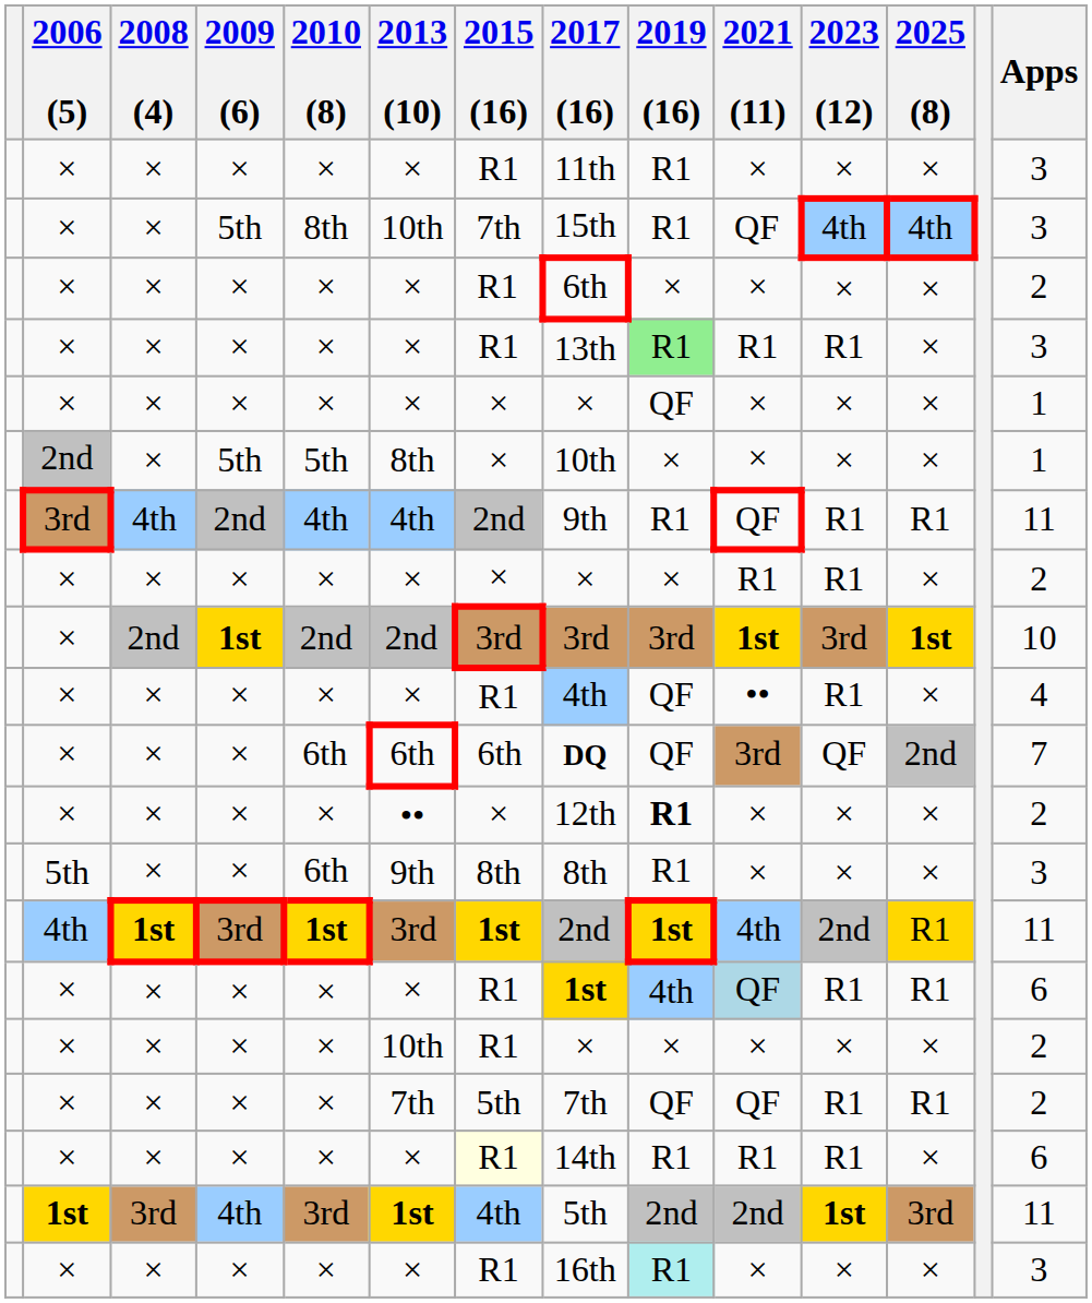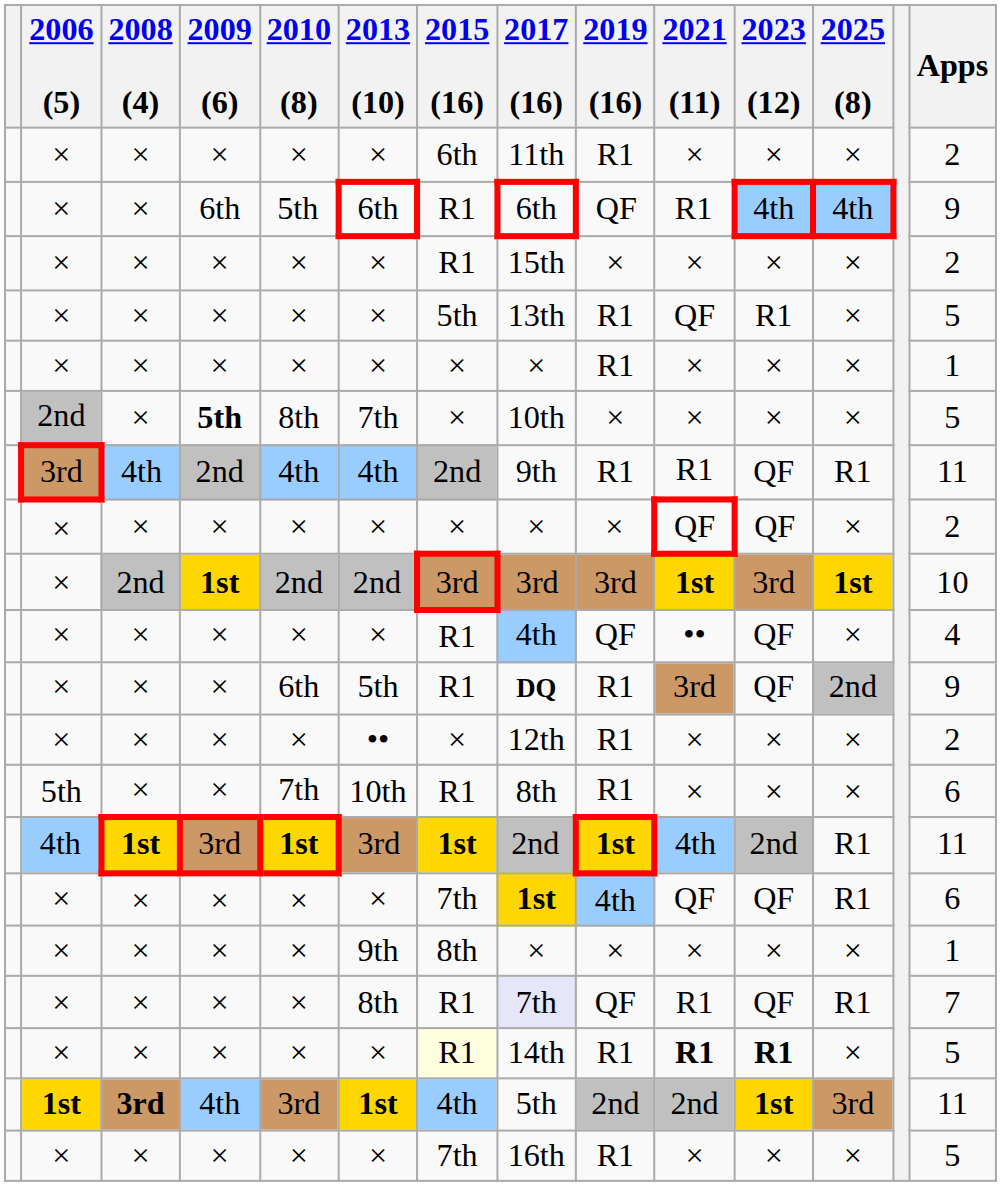 <table class="wikitable" style="text-align: center">
 <tr valign=center>
 <th></th>
 <th><a href='#'>2006</a><br> <br> (5)</th>
 <th><a href='#'>2008</a><br> <br> (4)</th>
 <th><a href='#'>2009</a><br> <br> (6)</th>
 <th><a href='#'>2010</a><br> <br> (8)</th>
 <th><a href='#'>2013</a><br> <br> (10)</th>
 <th><a href='#'>2015</a><br> <br> (16)</th>
 <th><a href='#'>2017</a><br> <br> (16)</th>
 <th><a href='#'>2019</a><br> <br> (16)</th>
 <th><a href='#'>2021</a><br> <br> (11)</th>
 <th><a href='#'>2023</a><br> <br> (12)</th>
 <th><a href='#'>2025</a><br> <br> (8)</th>
 <th rowspan=21></th>
 <th>Apps<br><big></big></th>
 </tr>
 <tr>
 <td align=left></td>
 <td>×</td>
 <td>×</td>
 <td>×</td>
 <td>×</td>
 <td>×</td>
-<td>R1</td>
+<td>6th</td>
 <td>11th</td>
 <td>R1</td>
 <td>×</td>
 <td>×</td>
 <td>×</td>
-<td>3</td>
+<td>2</td>
 </tr>
 <tr>
 <td align=left></td>
 <td>×</td>
 <td>×</td>
+<td>6th</td>
 <td>5th</td>
-<td>8th</td>
-<td>10th</td>
-<td>7th</td>
-<td>15th</td>
+<td style="border:3px solid red">6th</td>
 <td>R1</td>
+<td style="border:3px solid red">6th</td>
 <td>QF</td>
+<td>R1</td>
 <td style="border:3px solid red" bgcolor=#9acdff>4th</td>
 <td style="border:3px solid red" bgcolor=#9acdff>4th</td>
-<td>3</td>
+<td>9</td>
 </tr>
 <tr>
 <td align=left></td>
 <td>×</td>
 <td>×</td>
 <td>×</td>
 <td>×</td>
 <td>×</td>
 <td>R1</td>
-<td style="border:3px solid red">6th</td>
+<td>15th</td>
 <td>×</td>
 <td>×</td>
 <td>×</td>
 <td>×</td>
 <td>2</td>
 </tr>
 <tr>
 <td align=left></td>
 <td>×</td>
 <td>×</td>
 <td>×</td>
 <td>×</td>
 <td>×</td>
+<td>5th</td>
+<td>13th</td>
 <td>R1</td>
-<td>13th</td>
-<td style="background: lightgreen;">R1</td>
-<td>R1</td>
+<td>QF</td>
 <td>R1</td>
 <td>×</td>
-<td>3</td>
+<td>5</td>
 </tr>
 <tr>
 <td align=left></td>
 <td>×</td>
 <td>×</td>
 <td>×</td>
 <td>×</td>
 <td>×</td>
 <td>×</td>
 <td>×</td>
-<td>QF</td>
+<td>R1</td>
 <td>×</td>
 <td>×</td>
 <td>×</td>
 <td>1</td>
 </tr>
 <tr>
 <td align=left></td>
 <td bgcolor=silver>2nd</td>
 <td>×</td>
-<td>5th</td>
-<td>5th</td>
+<td><strong>5th</strong></td>
 <td>8th</td>
+<td>7th</td>
 <td>×</td>
 <td>10th</td>
 <td>×</td>
 <td>×</td>
 <td>×</td>
 <td>×</td>
-<td>1</td>
+<td>5</td>
 </tr>
 <tr>
 <td align=left></td>
 <td bgcolor=#cc9966 style="border:3px solid red">3rd</td>
 <td bgcolor=#9acdff>4th</td>
 <td bgcolor=silver>2nd</td>
 <td bgcolor=#9acdff>4th</td>
 <td bgcolor=#9acdff>4th</td>
 <td bgcolor=silver>2nd</td>
 <td>9th</td>
 <td>R1</td>
-<td style="border:3px solid red">QF</td>
 <td>R1</td>
+<td>QF</td>
 <td>R1</td>
 <td>11</td>
 </tr>
 <tr>
 <td align=left></td>
 <td>×</td>
 <td>×</td>
 <td>×</td>
 <td>×</td>
 <td>×</td>
 <td>×</td>
 <td>×</td>
 <td>×</td>
-<td>R1</td>
-<td>R1</td>
+<td style="border:3px solid red">QF</td>
+<td>QF</td>
 <td>×</td>
 <td>2</td>
 </tr>
 <tr>
 <td align=left></td>
 <td>×</td>
 <td bgcolor=silver>2nd</td>
 <td bgcolor=gold><strong>1st</strong></td>
 <td bgcolor=silver>2nd</td>
 <td bgcolor=silver>2nd</td>
 <td bgcolor=#cc9966 style="border:3px solid red">3rd</td>
 <td bgcolor=#cc9966>3rd</td>
 <td bgcolor=#cc9966>3rd</td>
 <td bgcolor=gold><strong>1st</strong></td>
 <td bgcolor=#cc9966>3rd</td>
 <td bgcolor=gold><strong>1st</strong></td>
 <td>10</td>
 </tr>
 <tr>
 <td align=left></td>
 <td>×</td>
 <td>×</td>
 <td>×</td>
 <td>×</td>
 <td>×</td>
 <td>R1</td>
 <td bgcolor=#9acdff>4th</td>
 <td>QF</td>
 <td>••</td>
-<td>R1</td>
+<td>QF</td>
 <td>×</td>
 <td>4</td>
 </tr>
 <tr>
 <td align=left></td>
 <td>×</td>
 <td>×</td>
 <td>×</td>
 <td>6th</td>
-<td style="border:3px solid red">6th</td>
-<td>6th</td>
+<td>5th</td>
+<td>R1</td>
 <td><small><strong>DQ</strong></small></td>
-<td>QF</td>
+<td>R1</td>
 <td bgcolor=#cc9966>3rd</td>
 <td>QF</td>
 <td bgcolor=silver>2nd</td>
-<td>7</td>
+<td>9</td>
 </tr>
 <tr>
 <td align=left></td>
 <td>×</td>
 <td>×</td>
 <td>×</td>
 <td>×</td>
 <td>••</td>
 <td>×</td>
 <td>12th</td>
-<td><strong>R1</strong></td>
+<td>R1</td>
 <td>×</td>
 <td>×</td>
 <td>×</td>
 <td>2</td>
 </tr>
 <tr>
 <td align=left></td>
 <td>5th</td>
 <td>×</td>
 <td>×</td>
-<td>6th</td>
-<td>9th</td>
-<td>8th</td>
+<td>7th</td>
+<td>10th</td>
+<td>R1</td>
 <td>8th</td>
 <td>R1</td>
 <td>×</td>
 <td>×</td>
 <td>×</td>
-<td>3</td>
+<td>6</td>
 </tr>
 <tr>
 <td align=left></td>
 <td bgcolor=#9acdff>4th</td>
 <td bgcolor=gold style="border:3px solid red"><strong>1st</strong></td>
 <td bgcolor=#cc9966 style="border:3px solid red">3rd</td>
 <td bgcolor=gold style="border:3px solid red"><strong>1st</strong></td>
 <td bgcolor=#cc9966>3rd</td>
 <td bgcolor=gold><strong>1st</strong></td>
 <td bgcolor=silver>2nd</td>
 <td bgcolor=gold style="border:3px solid red"><strong>1st</strong></td>
 <td bgcolor=#9acdff>4th</td>
 <td bgcolor=silver>2nd</td>
-<td style="background: gold;">R1</td>
+<td>R1</td>
 <td>11</td>
 </tr>
 <tr>
 <td align=left></td>
 <td>×</td>
 <td>×</td>
 <td>×</td>
 <td>×</td>
 <td>×</td>
-<td>R1</td>
+<td>7th</td>
 <td bgcolor=gold><strong>1st</strong></td>
 <td bgcolor=#9acdff>4th</td>
-<td style="background: lightblue;">QF</td>
-<td>R1</td>
+<td>QF</td>
+<td>QF</td>
 <td>R1</td>
 <td>6</td>
 </tr>
 <tr>
 <td align=left></td>
 <td>×</td>
 <td>×</td>
 <td>×</td>
 <td>×</td>
-<td>10th</td>
-<td>R1</td>
+<td>9th</td>
+<td>8th</td>
 <td>×</td>
 <td>×</td>
 <td>×</td>
 <td>×</td>
 <td>×</td>
-<td>2</td>
+<td>1</td>
 </tr>
 <tr>
 <td align=left></td>
 <td>×</td>
 <td>×</td>
 <td>×</td>
 <td>×</td>
-<td>7th</td>
-<td>5th</td>
-<td>7th</td>
-<td>QF</td>
+<td>8th</td>
+<td>R1</td>
+<td style="background: lavender;">7th</td>
 <td>QF</td>
 <td>R1</td>
+<td>QF</td>
 <td>R1</td>
-<td>2</td>
+<td>7</td>
 </tr>
 <tr>
 <td align=left></td>
 <td>×</td>
 <td>×</td>
 <td>×</td>
 <td>×</td>
 <td>×</td>
 <td style="background: lightyellow;">R1</td>
 <td>14th</td>
 <td>R1</td>
-<td>R1</td>
-<td>R1</td>
+<td><strong>R1</strong></td>
+<td><strong>R1</strong></td>
 <td>×</td>
-<td>6</td>
+<td>5</td>
 </tr>
 <tr>
 <td align=left></td>
 <td bgcolor=gold><strong>1st</strong></td>
-<td bgcolor=#cc9966>3rd</td>
+<td bgcolor=#cc9966><strong>3rd</strong></td>
 <td bgcolor=#9acdff>4th</td>
 <td bgcolor=#cc9966>3rd</td>
 <td bgcolor=gold><strong>1st</strong></td>
 <td bgcolor=#9acdff>4th</td>
 <td>5th</td>
 <td bgcolor=silver>2nd</td>
 <td bgcolor=silver>2nd</td>
 <td bgcolor=gold><strong>1st</strong></td>
 <td bgcolor=#cc9966>3rd</td>
 <td>11</td>
 </tr>
 <tr>
 <td align=left></td>
 <td>×</td>
 <td>×</td>
 <td>×</td>
 <td>×</td>
 <td>×</td>
+<td>7th</td>
+<td>16th</td>
 <td>R1</td>
-<td>16th</td>
-<td style="background: paleturquoise;">R1</td>
 <td>×</td>
 <td>×</td>
 <td>×</td>
-<td>3</td>
+<td>5</td>
 </tr>
 </table>
